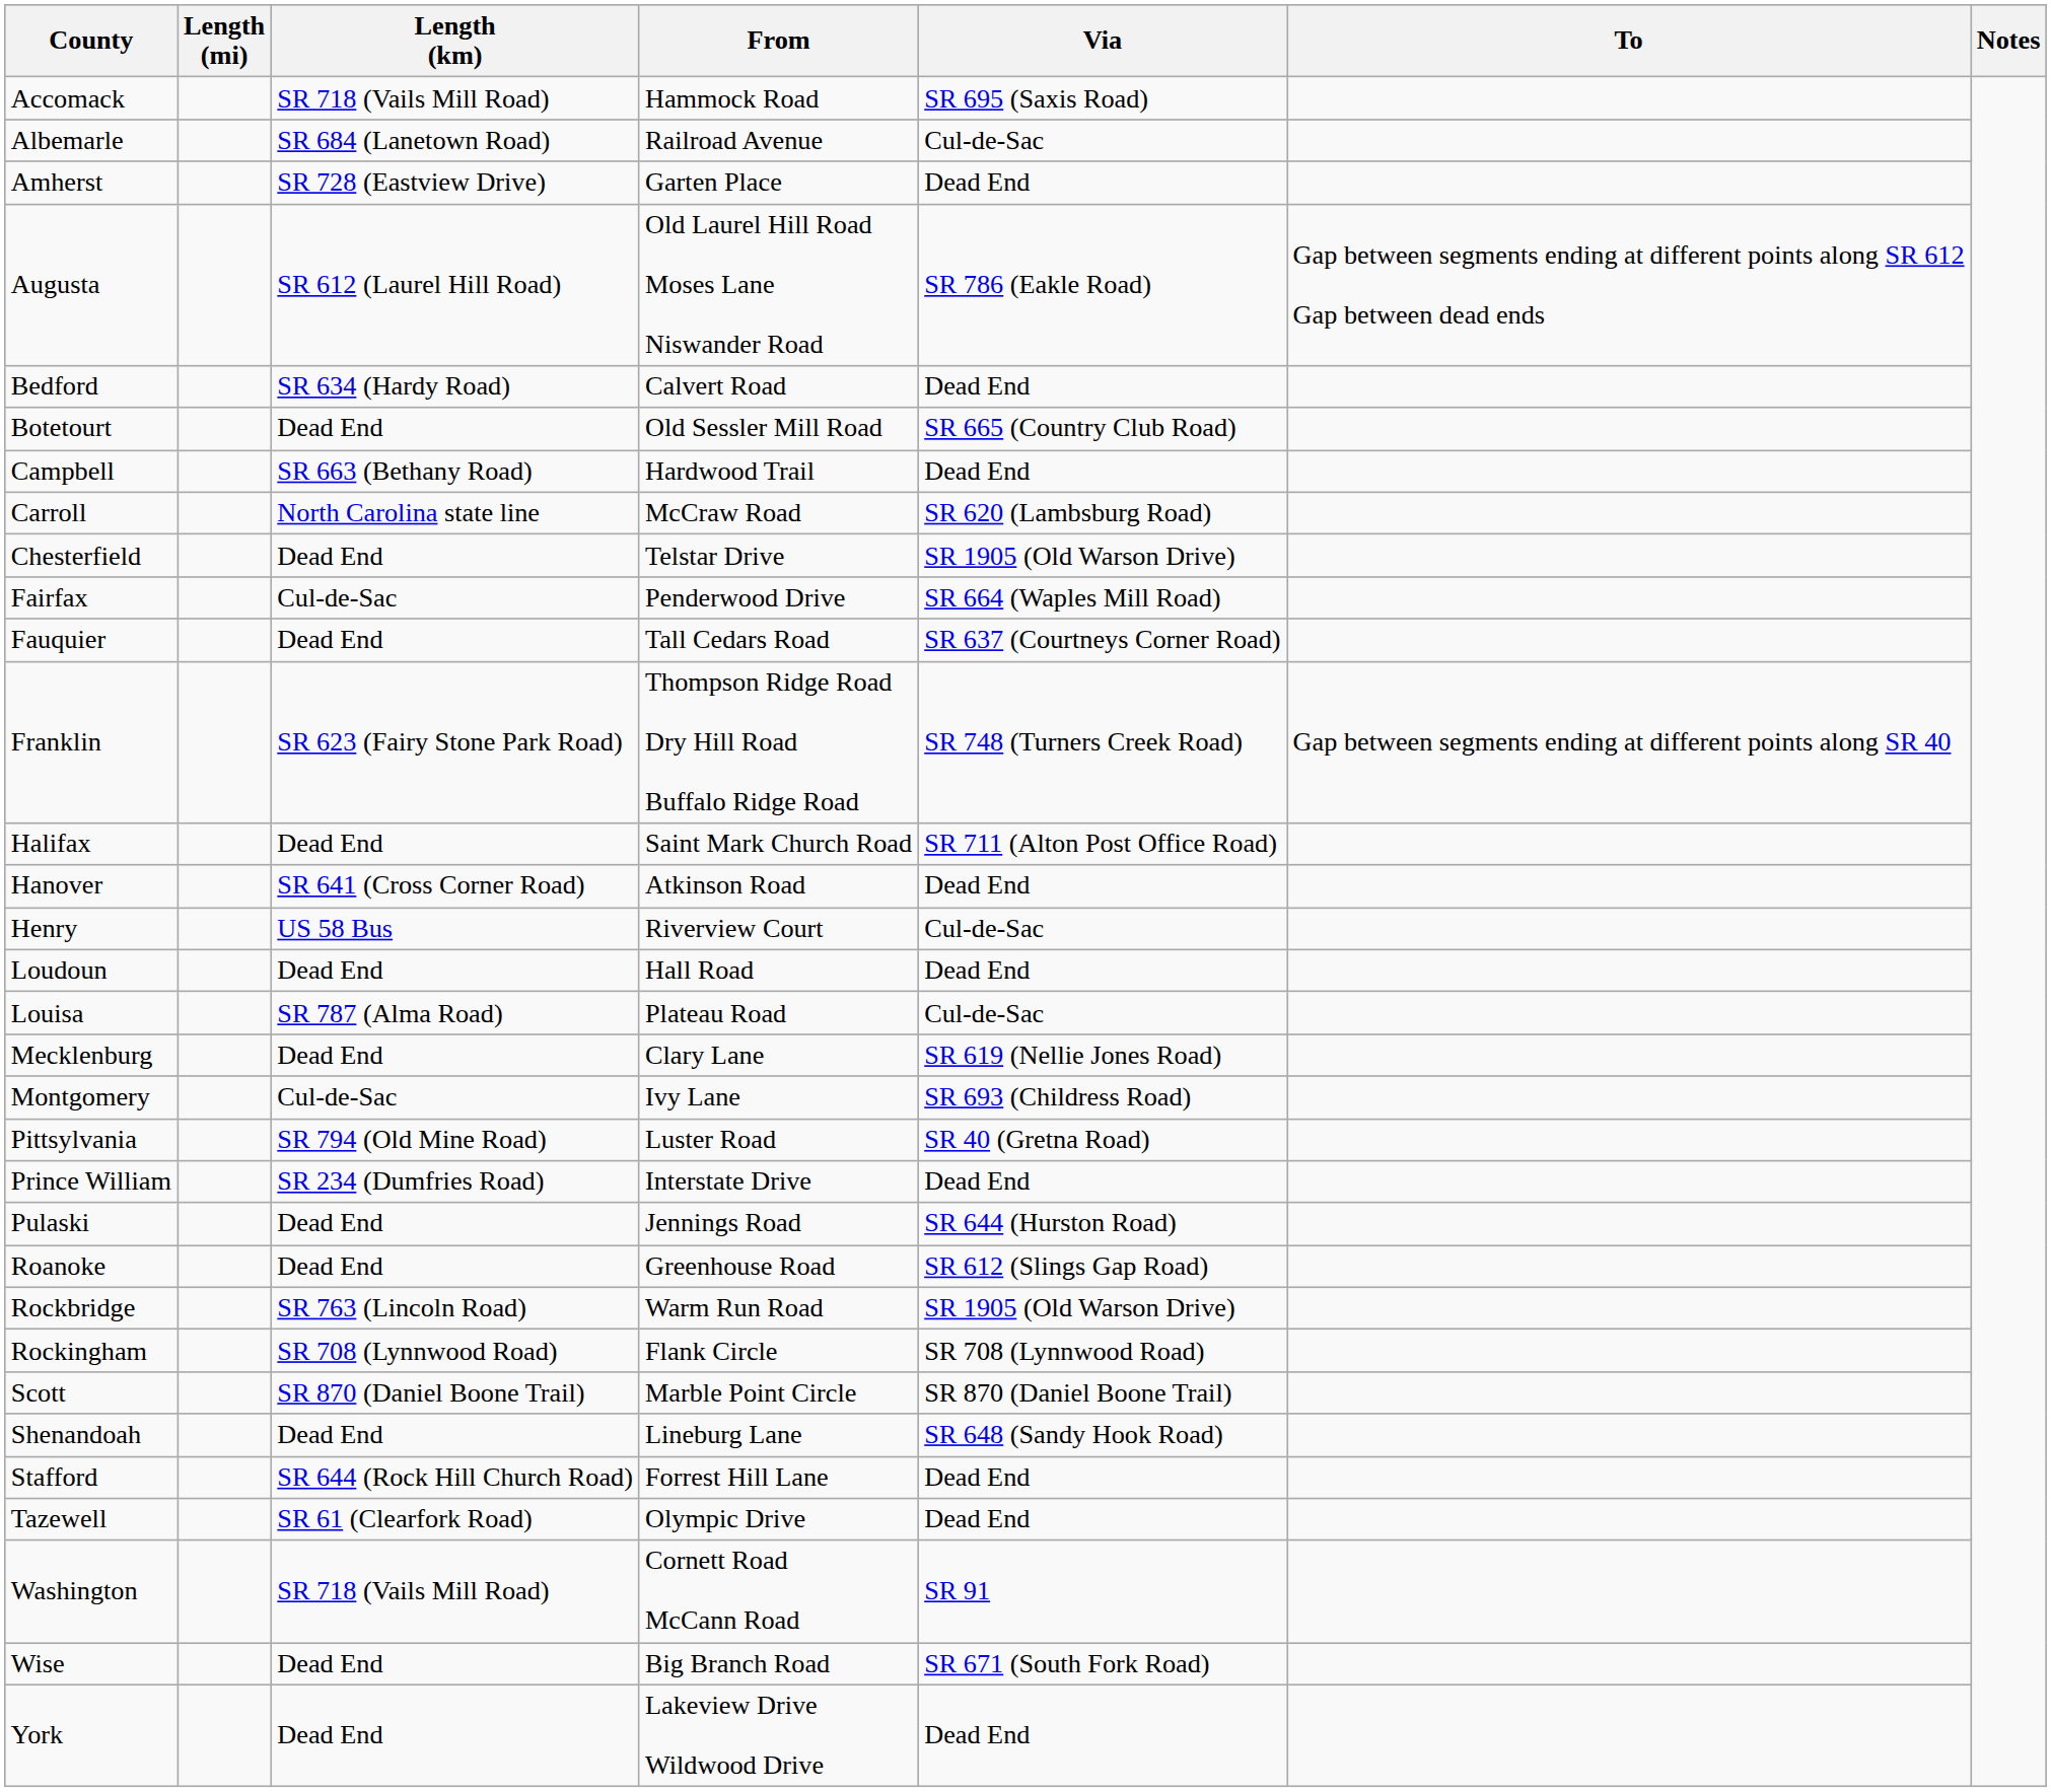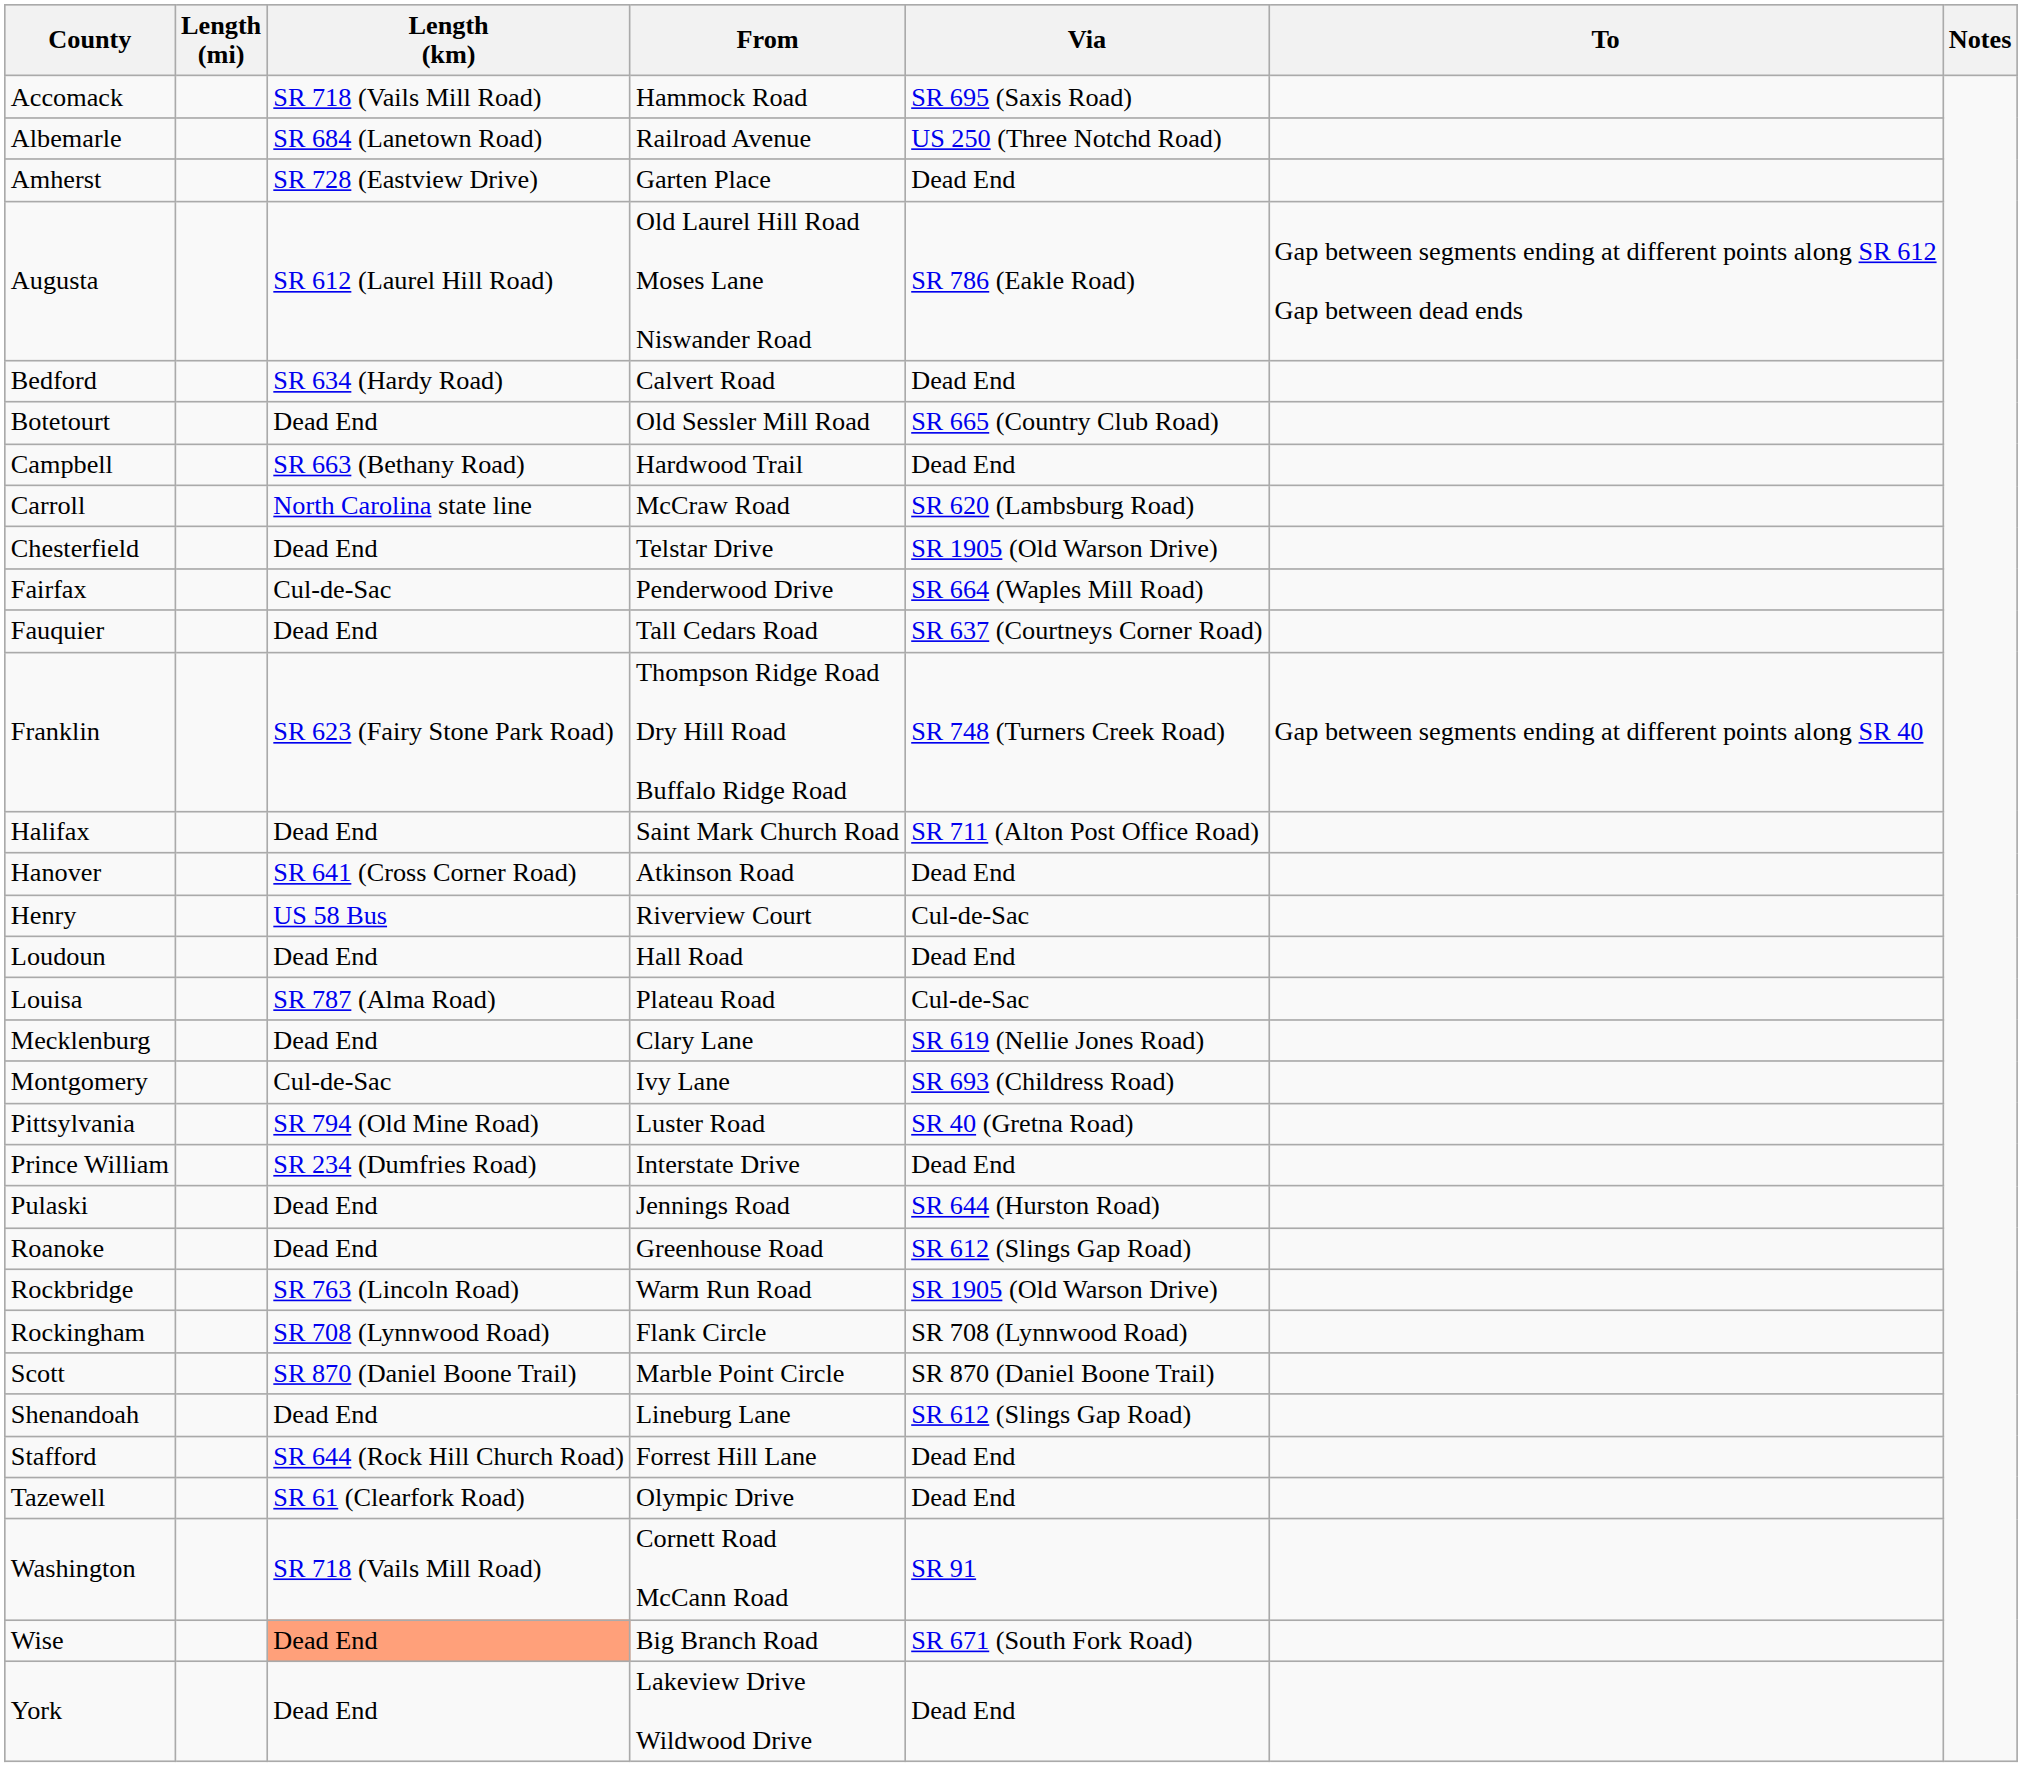 <table class="wikitable sortable">
 <tr>
 <th>County</th>
 <th>Length<br>(mi)</th>
 <th>Length<br>(km)</th>
 <th class="unsortable">From</th>
 <th class="unsortable">Via</th>
 <th class="unsortable">To</th>
 <th class="unsortable">Notes</th>
 </tr>
 <tr>
 <td id="Accomack">Accomack</td>
 <td></td>
 <td><a href='#'>SR 718</a> (Vails Mill Road)</td>
 <td>Hammock Road</td>
 <td><a href='#'>SR 695</a> (Saxis Road)</td>
 <td></td>
 </tr>
 <tr>
 <td id="Albemarle">Albemarle</td>
 <td></td>
 <td><a href='#'>SR 684</a> (Lanetown Road)</td>
 <td>Railroad Avenue</td>
-<td>Cul-de-Sac</td>
+<td><a href='#'>US 250</a> (Three Notchd Road)</td>
 <td><br> </td>
 </tr>
 <tr>
 <td id="Amherst">Amherst</td>
 <td></td>
 <td><a href='#'>SR 728</a> (Eastview Drive)</td>
 <td>Garten Place</td>
 <td>Dead End</td>
 <td><br> </td>
 </tr>
 <tr>
 <td id="Augusta">Augusta</td>
 <td></td>
 <td><a href='#'>SR 612</a> (Laurel Hill Road)</td>
 <td>Old Laurel Hill Road<br><br>Moses Lane<br><br>Niswander Road</td>
 <td><a href='#'>SR 786</a> (Eakle Road)</td>
 <td>Gap between segments ending at different points along <a href='#'>SR 612</a><br><br>Gap between dead ends<br></td>
 </tr>
 <tr>
 <td id="Bedford">Bedford</td>
 <td></td>
 <td><a href='#'>SR 634</a> (Hardy Road)</td>
 <td>Calvert Road</td>
 <td>Dead End</td>
 <td><br></td>
 </tr>
 <tr>
 <td id="Botetourt">Botetourt</td>
 <td></td>
 <td>Dead End</td>
 <td>Old Sessler Mill Road</td>
 <td><a href='#'>SR 665</a> (Country Club Road)</td>
 <td><br>  </td>
 </tr>
 <tr>
 <td id="Campbell">Campbell</td>
 <td></td>
 <td><a href='#'>SR 663</a> (Bethany Road)</td>
 <td>Hardwood Trail</td>
 <td>Dead End</td>
 <td><br></td>
 </tr>
 <tr>
 <td id="Carroll">Carroll</td>
 <td></td>
 <td><a href='#'>North Carolina</a> state line</td>
 <td>McCraw Road</td>
 <td><a href='#'>SR 620</a> (Lambsburg Road)</td>
 <td><br> </td>
 </tr>
 <tr>
 <td id="Chesterfield">Chesterfield</td>
 <td></td>
 <td>Dead End</td>
 <td>Telstar Drive</td>
 <td><a href='#'>SR 1905</a> (Old Warson Drive)</td>
 <td><br>      </td>
 </tr>
 <tr>
 <td id="Fairfax">Fairfax</td>
 <td></td>
 <td>Cul-de-Sac</td>
 <td>Penderwood Drive</td>
 <td><a href='#'>SR 664</a> (Waples Mill Road)</td>
 <td></td>
 </tr>
 <tr>
 <td id="Fauquier">Fauquier</td>
 <td></td>
 <td>Dead End</td>
 <td>Tall Cedars Road</td>
 <td><a href='#'>SR 637</a> (Courtneys Corner Road)</td>
 <td><br> </td>
 </tr>
 <tr>
 <td id="Franklin">Franklin</td>
 <td></td>
 <td><a href='#'>SR 623</a> (Fairy Stone Park Road)</td>
 <td>Thompson Ridge Road<br><br>Dry Hill Road<br><br>Buffalo Ridge Road</td>
 <td><a href='#'>SR 748</a> (Turners Creek Road)</td>
 <td>Gap between segments ending at different points along <a href='#'>SR 40</a><br>      </td>
 </tr>
 <tr>
 <td id="Halifax">Halifax</td>
 <td></td>
 <td>Dead End</td>
 <td>Saint Mark Church Road</td>
 <td><a href='#'>SR 711</a> (Alton Post Office Road)</td>
 <td></td>
 </tr>
 <tr>
 <td id="Hanover">Hanover</td>
 <td></td>
 <td><a href='#'>SR 641</a> (Cross Corner Road)</td>
 <td>Atkinson Road</td>
 <td>Dead End</td>
 <td><br></td>
 </tr>
 <tr>
 <td id="Henry">Henry</td>
 <td></td>
 <td><a href='#'>US 58 Bus</a></td>
 <td>Riverview Court</td>
 <td>Cul-de-Sac</td>
 <td><br>       </td>
 </tr>
 <tr>
 <td id="Loudoun">Loudoun</td>
 <td></td>
 <td>Dead End</td>
 <td>Hall Road</td>
 <td>Dead End</td>
 <td></td>
 </tr>
 <tr>
 <td id="Louisa">Louisa</td>
 <td></td>
 <td><a href='#'>SR 787</a> (Alma Road)</td>
 <td>Plateau Road</td>
 <td>Cul-de-Sac</td>
 <td><br>  </td>
 </tr>
 <tr>
 <td id="Mecklenburg">Mecklenburg</td>
 <td></td>
 <td>Dead End</td>
 <td>Clary Lane</td>
 <td><a href='#'>SR 619</a> (Nellie Jones Road)</td>
 <td><br></td>
 </tr>
 <tr>
 <td id="Montgomery">Montgomery</td>
 <td></td>
 <td>Cul-de-Sac</td>
 <td>Ivy Lane</td>
 <td><a href='#'>SR 693</a> (Childress Road)</td>
 <td><br>       </td>
 </tr>
 <tr>
 <td id="Pittsylvania">Pittsylvania</td>
 <td></td>
 <td><a href='#'>SR 794</a> (Old Mine Road)</td>
 <td>Luster Road</td>
 <td><a href='#'>SR 40</a> (Gretna Road)</td>
 <td><br>  </td>
 </tr>
 <tr>
 <td id="Prince William">Prince William</td>
 <td></td>
 <td><a href='#'>SR 234</a> (Dumfries Road)</td>
 <td>Interstate Drive</td>
 <td>Dead End</td>
 <td></td>
 </tr>
 <tr>
 <td id="Pulaski">Pulaski</td>
 <td></td>
 <td>Dead End</td>
 <td>Jennings Road</td>
 <td><a href='#'>SR 644</a> (Hurston Road)</td>
 <td><br> </td>
 </tr>
 <tr>
 <td id="Roanoke">Roanoke</td>
 <td></td>
 <td>Dead End</td>
 <td>Greenhouse Road</td>
 <td><a href='#'>SR 612</a> (Slings Gap Road)</td>
 <td></td>
 </tr>
 <tr>
 <td id="Rockbridge">Rockbridge</td>
 <td></td>
 <td><a href='#'>SR 763</a> (Lincoln Road)</td>
 <td>Warm Run Road</td>
 <td><a href='#'>SR 1905</a> (Old Warson Drive)</td>
 <td></td>
 </tr>
 <tr>
 <td id="Rockingham">Rockingham</td>
 <td></td>
 <td><a href='#'>SR 708</a> (Lynnwood Road)</td>
 <td>Flank Circle</td>
 <td>SR 708 (Lynnwood Road)</td>
 <td><br></td>
 </tr>
 <tr>
 <td id="Scott">Scott</td>
 <td></td>
 <td><a href='#'>SR 870</a> (Daniel Boone Trail)</td>
 <td>Marble Point Circle</td>
 <td>SR 870 (Daniel Boone Trail)</td>
 <td></td>
 </tr>
 <tr>
 <td id="Shenandoah">Shenandoah</td>
 <td></td>
 <td>Dead End</td>
 <td>Lineburg Lane</td>
-<td><a href='#'>SR 648</a> (Sandy Hook Road)</td>
+<td><a href='#'>SR 612</a> (Slings Gap Road)</td>
 <td><br>  </td>
 </tr>
 <tr>
 <td id="Stafford">Stafford</td>
 <td></td>
 <td><a href='#'>SR 644</a> (Rock Hill Church Road)</td>
 <td>Forrest Hill Lane</td>
 <td>Dead End</td>
 <td><br> </td>
 </tr>
 <tr>
 <td id="Tazewell">Tazewell</td>
 <td></td>
 <td><a href='#'>SR 61</a> (Clearfork Road)</td>
 <td>Olympic Drive</td>
 <td>Dead End</td>
 <td><br></td>
 </tr>
 <tr>
 <td id="Washington">Washington</td>
 <td></td>
 <td><a href='#'>SR 718</a> (Vails Mill Road)</td>
 <td>Cornett Road<br><br>McCann Road</td>
 <td><a href='#'>SR 91</a></td>
 <td><br></td>
 </tr>
 <tr>
 <td id="Wise">Wise</td>
 <td></td>
-<td>Dead End</td>
+<td style="background: lightsalmon;">Dead End</td>
 <td>Big Branch Road</td>
 <td><a href='#'>SR 671</a> (South Fork Road)</td>
 <td><br></td>
 </tr>
 <tr>
 <td id="York">York</td>
 <td></td>
 <td>Dead End</td>
 <td>Lakeview Drive<br><br>Wildwood Drive</td>
 <td>Dead End</td>
 <td></td>
 </tr>
 </table>
